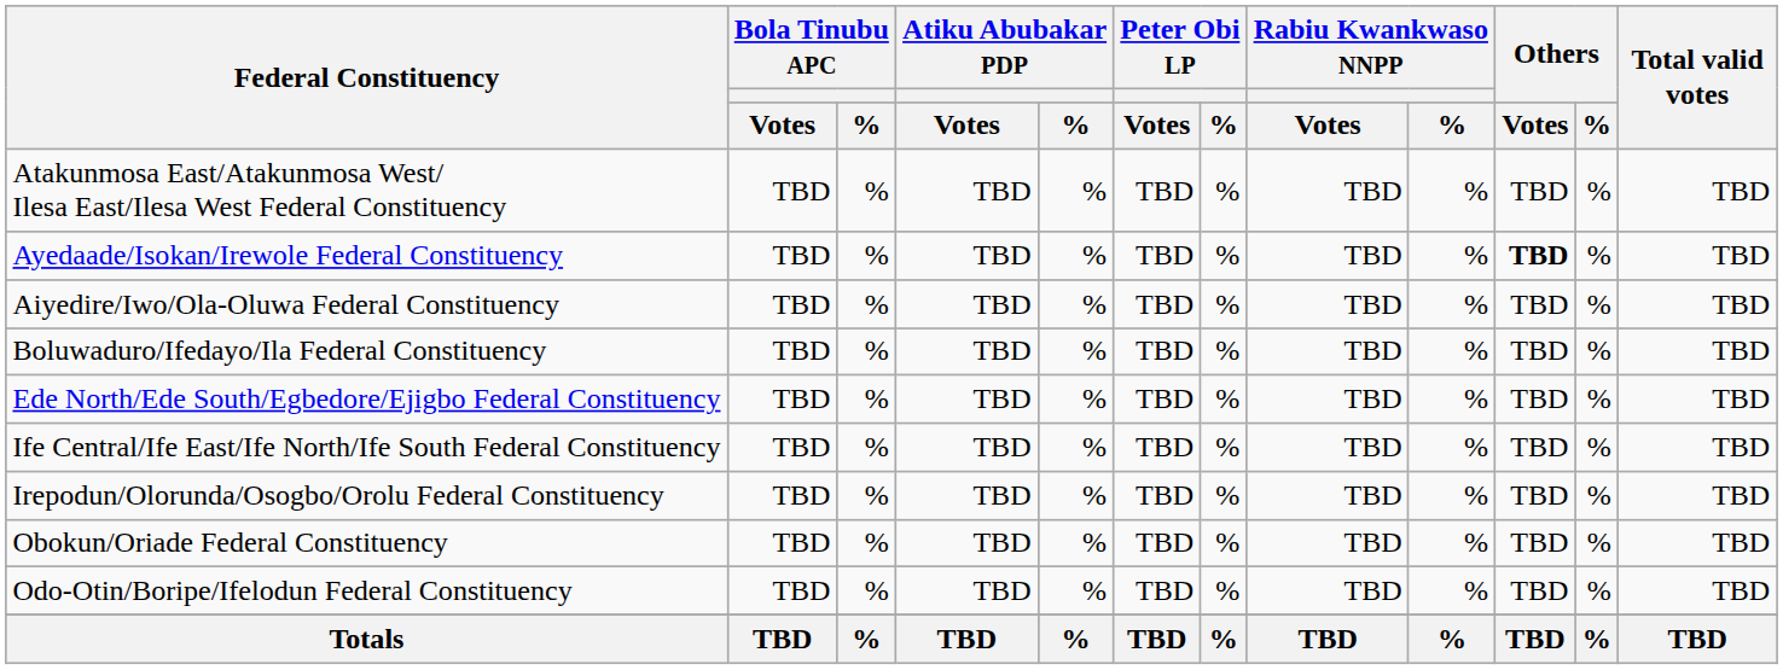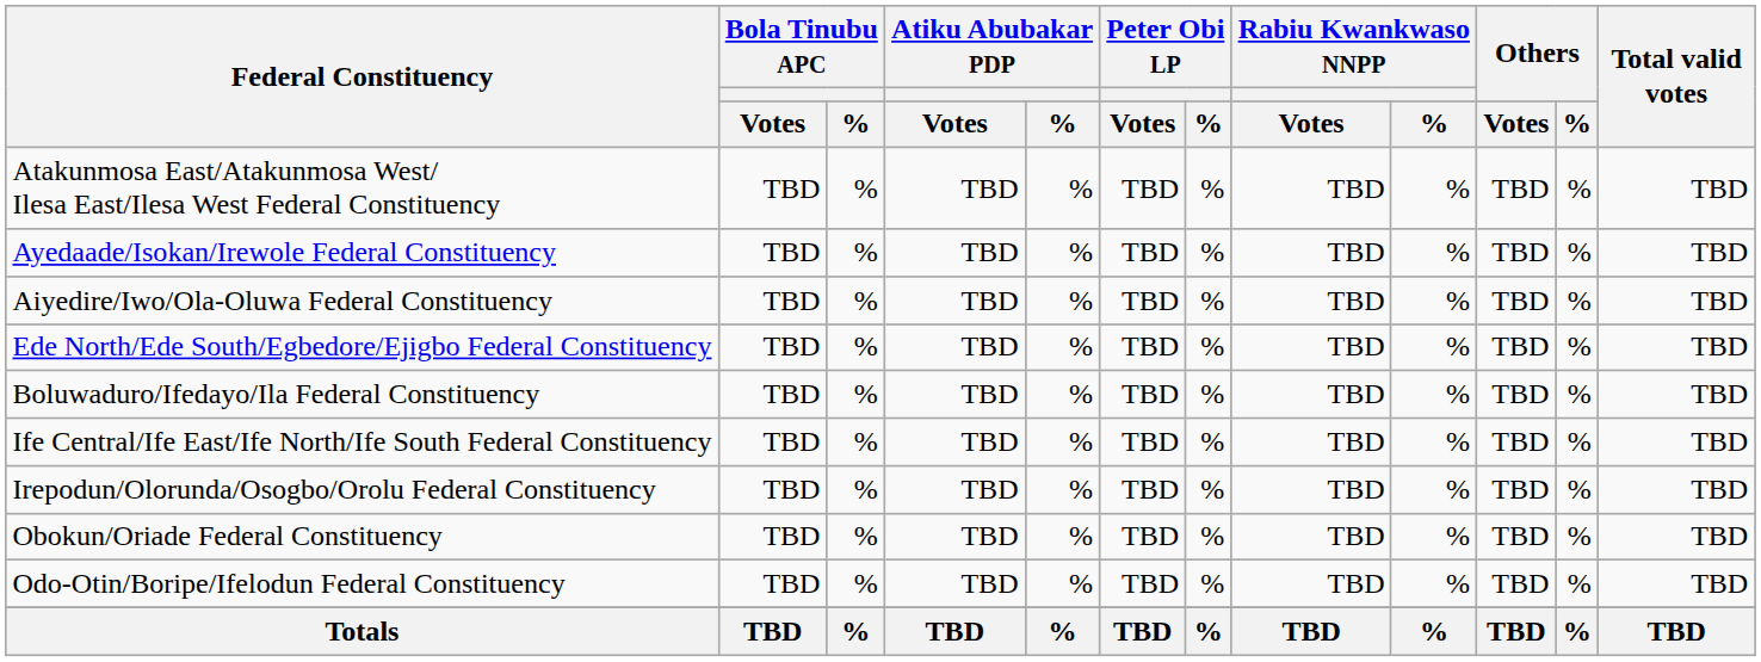 <table class="wikitable sortable" style="text-align:right; font-size:90%">
 <tr>
 <th rowspan="3" style="max-width:7.5em;">Federal Constituency</th>
 <th colspan="2"><a href='#'>Bola Tinubu</a><br><small>APC</small></th>
 <th colspan="2"><a href='#'>Atiku Abubakar</a><br><small>PDP</small></th>
 <th colspan="2"><a href='#'>Peter Obi</a><br><small>LP</small></th>
 <th colspan="2"><a href='#'>Rabiu Kwankwaso</a><br><small>NNPP</small></th>
 <th colspan="2" rowspan="2">Others</th>
 <th rowspan="3" style="max-width:5em;">Total valid votes</th>
 </tr>
 <tr>
 <th colspan=2 style="background-color:"></th>
 <th colspan=2 style="background-color:"></th>
 <th colspan=2 style="background-color:"></th>
 <th colspan=2 style="background-color:"></th>
 </tr>
 <tr>
 <th>Votes</th>
 <th>%</th>
 <th>Votes</th>
 <th>%</th>
 <th>Votes</th>
 <th>%</th>
 <th>Votes</th>
 <th>%</th>
 <th>Votes</th>
 <th>%</th>
 </tr>
 <tr style="background-color:#">
 <td style="text-align:left;">Atakunmosa East/Atakunmosa West/<br>Ilesa East/Ilesa West Federal Constituency</td>
 <td>TBD</td>
 <td>%</td>
 <td>TBD</td>
 <td>%</td>
 <td>TBD</td>
 <td>%</td>
 <td>TBD</td>
 <td>%</td>
 <td>TBD</td>
 <td>%</td>
 <td>TBD</td>
 </tr>
 <tr style="background-color:#">
 <td style="text-align:left;"><a href='#'>Ayedaade/Isokan/Irewole Federal Constituency</a></td>
 <td>TBD</td>
 <td>%</td>
 <td>TBD</td>
 <td>%</td>
 <td>TBD</td>
 <td>%</td>
 <td>TBD</td>
 <td>%</td>
-<td><strong>TBD</strong></td>
+<td>TBD</td>
 <td>%</td>
 <td>TBD</td>
 </tr>
 <tr style="background-color:#">
 <td style="text-align:left;">Aiyedire/Iwo/Ola-Oluwa Federal Constituency</td>
 <td>TBD</td>
 <td>%</td>
 <td>TBD</td>
 <td>%</td>
 <td>TBD</td>
 <td>%</td>
 <td>TBD</td>
 <td>%</td>
 <td>TBD</td>
 <td>%</td>
 <td>TBD</td>
 </tr>
 <tr style="background-color:#">
-<td style="text-align:left;">Boluwaduro/Ifedayo/Ila Federal Constituency</td>
+<td style="text-align:left;"><a href='#'>Ede North/Ede South/Egbedore/Ejigbo Federal Constituency</a></td>
 <td>TBD</td>
 <td>%</td>
 <td>TBD</td>
 <td>%</td>
 <td>TBD</td>
 <td>%</td>
 <td>TBD</td>
 <td>%</td>
 <td>TBD</td>
 <td>%</td>
 <td>TBD</td>
 </tr>
 <tr style="background-color:#">
-<td style="text-align:left;"><a href='#'>Ede North/Ede South/Egbedore/Ejigbo Federal Constituency</a></td>
+<td style="text-align:left;">Boluwaduro/Ifedayo/Ila Federal Constituency</td>
 <td>TBD</td>
 <td>%</td>
 <td>TBD</td>
 <td>%</td>
 <td>TBD</td>
 <td>%</td>
 <td>TBD</td>
 <td>%</td>
 <td>TBD</td>
 <td>%</td>
 <td>TBD</td>
 </tr>
 <tr style="background-color:#">
 <td style="text-align:left;">Ife Central/Ife East/Ife North/Ife South Federal Constituency</td>
 <td>TBD</td>
 <td>%</td>
 <td>TBD</td>
 <td>%</td>
 <td>TBD</td>
 <td>%</td>
 <td>TBD</td>
 <td>%</td>
 <td>TBD</td>
 <td>%</td>
 <td>TBD</td>
 </tr>
 <tr style="background-color:#">
 <td style="text-align:left;">Irepodun/Olorunda/Osogbo/Orolu Federal Constituency</td>
 <td>TBD</td>
 <td>%</td>
 <td>TBD</td>
 <td>%</td>
 <td>TBD</td>
 <td>%</td>
 <td>TBD</td>
 <td>%</td>
 <td>TBD</td>
 <td>%</td>
 <td>TBD</td>
 </tr>
 <tr style="background-color:#">
 <td style="text-align:left;">Obokun/Oriade Federal Constituency</td>
 <td>TBD</td>
 <td>%</td>
 <td>TBD</td>
 <td>%</td>
 <td>TBD</td>
 <td>%</td>
 <td>TBD</td>
 <td>%</td>
 <td>TBD</td>
 <td>%</td>
 <td>TBD</td>
 </tr>
 <tr style="background-color:#">
 <td style="text-align:left;">Odo-Otin/Boripe/Ifelodun Federal Constituency</td>
 <td>TBD</td>
 <td>%</td>
 <td>TBD</td>
 <td>%</td>
 <td>TBD</td>
 <td>%</td>
 <td>TBD</td>
 <td>%</td>
 <td>TBD</td>
 <td>%</td>
 <td>TBD</td>
 </tr>
 <tr>
 </tr>
 <tr>
 <th>Totals</th>
 <th>TBD</th>
 <th>%</th>
 <th>TBD</th>
 <th>%</th>
 <th>TBD</th>
 <th>%</th>
 <th>TBD</th>
 <th>%</th>
 <th>TBD</th>
 <th>%</th>
 <th>TBD</th>
 </tr>
 </table>
